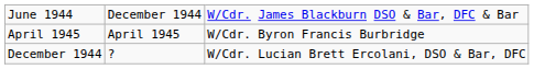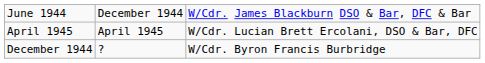 <table class="wikitable">
 <tr>
 <td>June 1944</td>
 <td>December 1944</td>
 <td><a href='#'>W/Cdr.</a> <a href='#'>James Blackburn</a> <a href='#'>DSO</a> & <a href='#'>Bar</a>, <a href='#'>DFC</a> & Bar</td>
 </tr>
 <tr>
 <td>April 1945</td>
 <td>April 1945</td>
-<td>W/Cdr. Byron Francis Burbridge</td>
+<td>W/Cdr. Lucian Brett Ercolani, DSO & Bar, DFC</td>
 </tr>
 <tr>
 <td>December 1944</td>
 <td>?</td>
-<td>W/Cdr. Lucian Brett Ercolani, DSO & Bar, DFC</td>
+<td>W/Cdr. Byron Francis Burbridge</td>
 </tr>
 </table>
